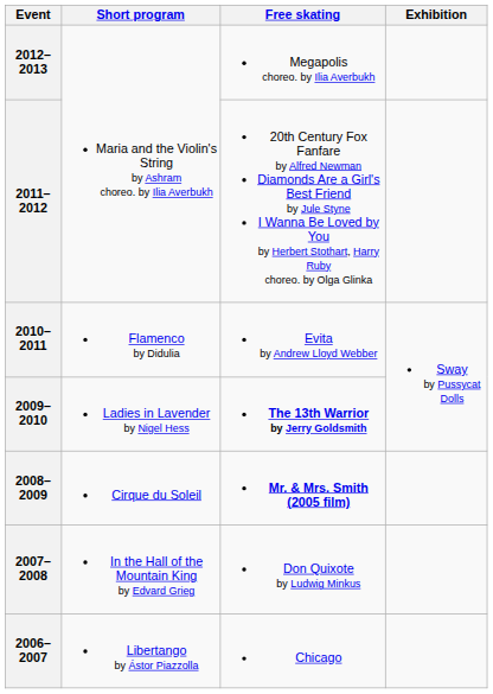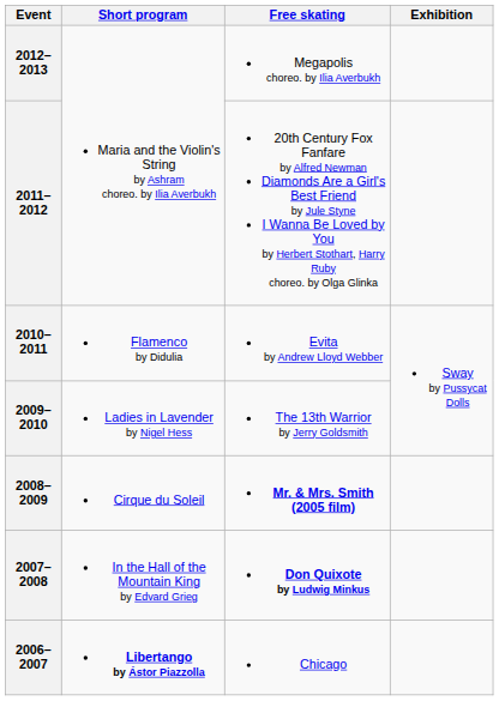 <table class="wikitable" style="text-align:center">
 <tr>
 <th>Event</th>
 <th><a href='#'>Short program</a></th>
 <th><a href='#'>Free skating</a></th>
 <th>Exhibition</th>
 </tr>
 <tr>
 <th>2012–2013<br></th>
 <td rowspan=2><br><ul><li>Maria and the Violin's String <br><small> by <a href='#'>Ashram</a><br>choreo. by <a href='#'>Ilia Averbukh</a> </small></li></ul></td>
 <td><br><ul><li>Megapolis <br><small> choreo. by <a href='#'>Ilia Averbukh</a> </small></li></ul></td>
 <td></td>
 </tr>
 <tr>
 <th>2011–2012<br></th>
 <td><br><ul><li>20th Century Fox Fanfare <br><small> by <a href='#'>Alfred Newman</a> </small></li><li><a href='#'>Diamonds Are a Girl's Best Friend</a> <br><small> by <a href='#'>Jule Styne</a> </small></li><li><a href='#'>I Wanna Be Loved by You</a> <br><small> by <a href='#'>Herbert Stothart</a>, <a href='#'>Harry Ruby</a><br>choreo. by Olga Glinka </small></li></ul></td>
 <td></td>
 </tr>
 <tr>
 <th>2010–2011<br></th>
 <td><br><ul><li><a href='#'>Flamenco</a> <br><small> by Didulia </small></li></ul></td>
 <td><br><ul><li><a href='#'>Evita</a> <br><small> by <a href='#'>Andrew Lloyd Webber</a> </small></li></ul></td>
 <td rowspan=2><br><ul><li><a href='#'>Sway</a> <br><small> by <a href='#'>Pussycat Dolls</a> </small></li></ul></td>
 </tr>
 <tr>
 <th>2009–2010<br></th>
 <td><br><ul><li><a href='#'>Ladies in Lavender</a> <br><small> by <a href='#'>Nigel Hess</a> </small></li></ul></td>
-<td><strong><br><ul><li><a href='#'>The 13th Warrior</a> <br><small> by <a href='#'>Jerry Goldsmith</a> </small></li></ul></strong></td>
+<td><br><ul><li><a href='#'>The 13th Warrior</a> <br><small> by <a href='#'>Jerry Goldsmith</a> </small></li></ul></td>
 </tr>
 <tr>
 <th>2008–2009</th>
 <td><br><ul><li><a href='#'>Cirque du Soleil</a></li></ul></td>
 <td><strong><br><ul><li><a href='#'>Mr. & Mrs. Smith (2005 film)</a></li></ul></strong></td>
 <td></td>
 </tr>
 <tr>
 <th>2007–2008</th>
 <td><br><ul><li><a href='#'>In the Hall of the Mountain King</a> <br><small> by <a href='#'>Edvard Grieg</a> </small></li></ul></td>
-<td><br><ul><li><a href='#'>Don Quixote</a> <br><small> by <a href='#'>Ludwig Minkus</a> </small></li></ul></td>
+<td><strong><br><ul><li><a href='#'>Don Quixote</a> <br><small> by <a href='#'>Ludwig Minkus</a> </small></li></ul></strong></td>
 <td></td>
 </tr>
 <tr>
 <th>2006–2007<br></th>
-<td><br><ul><li><a href='#'>Libertango</a> <br><small> by <a href='#'>Ástor Piazzolla</a> </small></li></ul></td>
+<td><strong><br><ul><li><a href='#'>Libertango</a> <br><small> by <a href='#'>Ástor Piazzolla</a> </small></li></ul></strong></td>
 <td><br><ul><li><a href='#'>Chicago</a></li></ul></td>
 <td></td>
 </tr>
 </table>
